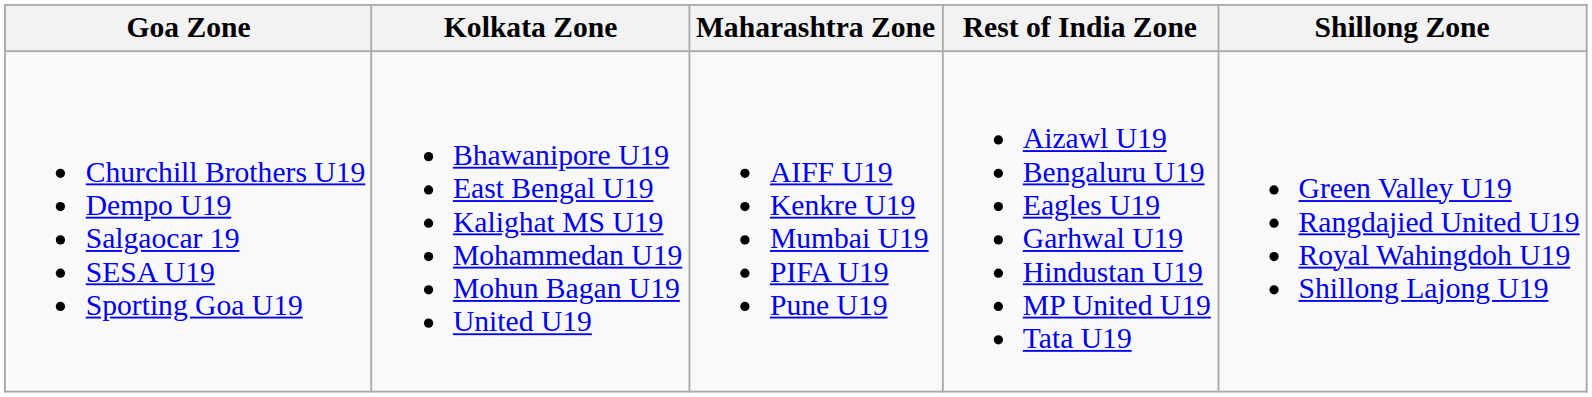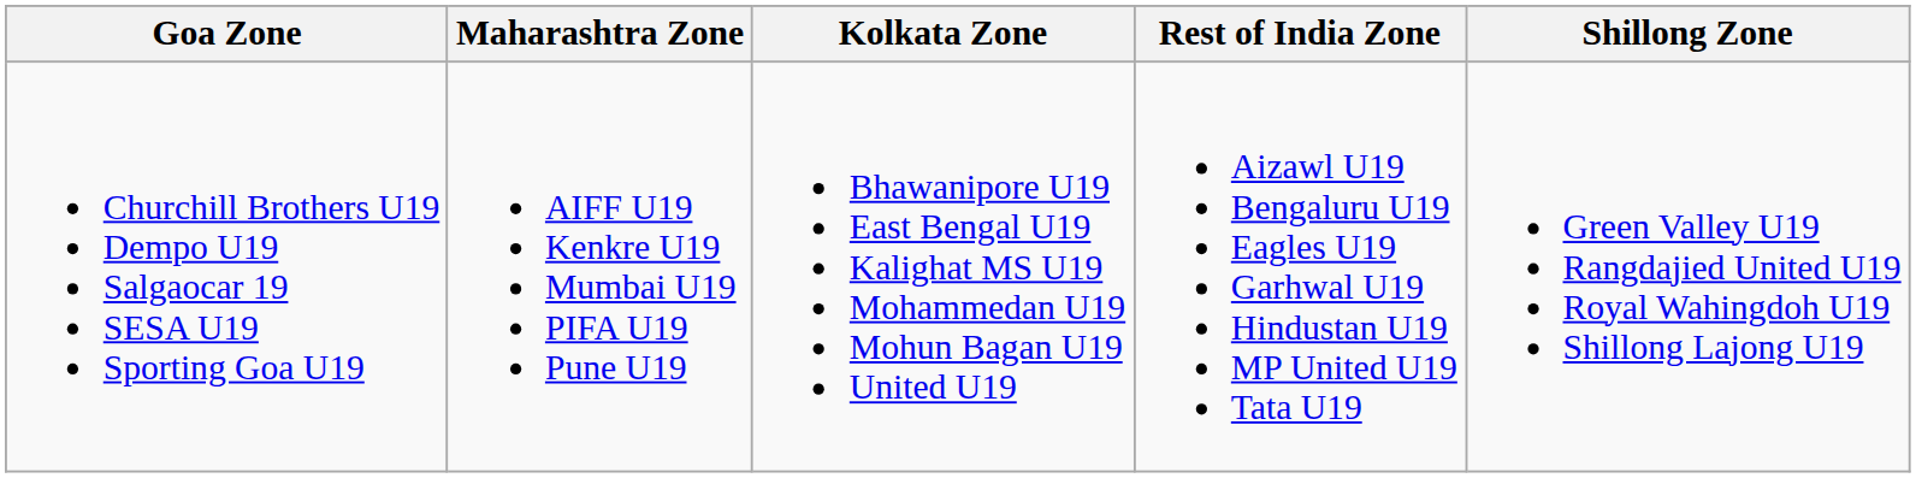 <table class=wikitable>
 <tr>
 <th>Goa Zone</th>
+<th>Maharashtra Zone</th>
 <th>Kolkata Zone</th>
-<th>Maharashtra Zone</th>
 <th>Rest of India Zone</th>
 <th>Shillong Zone</th>
 </tr>
 <tr>
 <td><br><ul><li><a href='#'>Churchill Brothers U19</a></li><li><a href='#'>Dempo U19</a></li><li><a href='#'>Salgaocar 19</a></li><li><a href='#'>SESA U19</a></li><li><a href='#'>Sporting Goa U19</a></li></ul></td>
+<td><br><ul><li><a href='#'>AIFF U19</a></li><li><a href='#'>Kenkre U19</a></li><li><a href='#'>Mumbai U19</a></li><li><a href='#'>PIFA U19</a></li><li><a href='#'>Pune U19</a></li></ul></td>
 <td><br><ul><li><a href='#'>Bhawanipore U19</a></li><li><a href='#'>East Bengal U19</a></li><li><a href='#'>Kalighat MS U19</a></li><li><a href='#'>Mohammedan U19</a></li><li><a href='#'>Mohun Bagan U19</a></li><li><a href='#'>United U19</a></li></ul></td>
-<td><br><ul><li><a href='#'>AIFF U19</a></li><li><a href='#'>Kenkre U19</a></li><li><a href='#'>Mumbai U19</a></li><li><a href='#'>PIFA U19</a></li><li><a href='#'>Pune U19</a></li></ul></td>
 <td><br><ul><li><a href='#'>Aizawl U19</a></li><li><a href='#'>Bengaluru U19</a></li><li><a href='#'>Eagles U19</a></li><li><a href='#'>Garhwal U19</a></li><li><a href='#'>Hindustan U19</a></li><li><a href='#'>MP United U19</a></li><li><a href='#'>Tata U19</a></li></ul></td>
 <td><br><ul><li><a href='#'>Green Valley U19</a></li><li><a href='#'>Rangdajied United U19</a></li><li><a href='#'>Royal Wahingdoh U19</a></li><li><a href='#'>Shillong Lajong U19</a></li></ul></td>
 </tr>
 </table>
